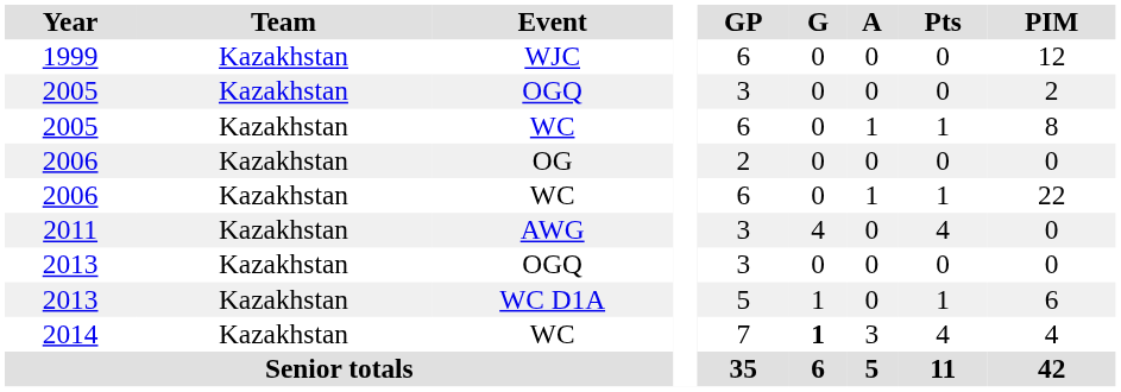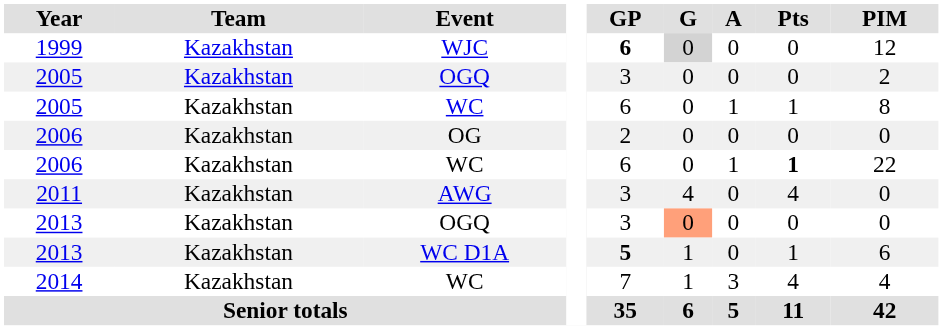 <table border="0" cellpadding="1" cellspacing="0" style="text-align:center; width:40em">
 <tr ALIGN="center" bgcolor="#e0e0e0">
 <th>Year</th>
 <th>Team</th>
 <th>Event</th>
 <th ALIGN="center" rowspan="99" bgcolor="#ffffff"> </th>
 <th>GP</th>
 <th>G</th>
 <th>A</th>
 <th>Pts</th>
 <th>PIM</th>
 </tr>
 <tr>
 <td><a href='#'>1999</a></td>
 <td><a href='#'>Kazakhstan</a></td>
 <td><a href='#'>WJC</a></td>
-<td>6</td>
-<td>0</td>
+<td><strong>6</strong></td>
+<td style="background: lightgrey;">0</td>
 <td>0</td>
 <td>0</td>
 <td>12</td>
 </tr>
 <tr bgcolor="#f0f0f0">
 <td><a href='#'>2005</a></td>
 <td><a href='#'>Kazakhstan</a></td>
 <td><a href='#'>OGQ</a></td>
 <td>3</td>
 <td>0</td>
 <td>0</td>
 <td>0</td>
 <td>2</td>
 </tr>
 <tr>
 <td><a href='#'>2005</a></td>
 <td>Kazakhstan</td>
 <td><a href='#'>WC</a></td>
 <td>6</td>
 <td>0</td>
 <td>1</td>
 <td>1</td>
 <td>8</td>
 </tr>
 <tr bgcolor="#f0f0f0">
 <td><a href='#'>2006</a></td>
 <td>Kazakhstan</td>
 <td>OG</td>
 <td>2</td>
 <td>0</td>
 <td>0</td>
 <td>0</td>
 <td>0</td>
 </tr>
 <tr>
 <td><a href='#'>2006</a></td>
 <td>Kazakhstan</td>
 <td>WC</td>
 <td>6</td>
 <td>0</td>
 <td>1</td>
-<td>1</td>
+<td><strong>1</strong></td>
 <td>22</td>
 </tr>
 <tr bgcolor="#f0f0f0">
 <td><a href='#'>2011</a></td>
 <td>Kazakhstan</td>
 <td><a href='#'>AWG</a></td>
 <td>3</td>
 <td>4</td>
 <td>0</td>
 <td>4</td>
 <td>0</td>
 </tr>
 <tr>
 <td><a href='#'>2013</a></td>
 <td>Kazakhstan</td>
 <td>OGQ</td>
 <td>3</td>
-<td>0</td>
+<td style="background: lightsalmon;">0</td>
 <td>0</td>
 <td>0</td>
 <td>0</td>
 </tr>
 <tr bgcolor="#f0f0f0">
 <td><a href='#'>2013</a></td>
 <td>Kazakhstan</td>
 <td><a href='#'>WC D1A</a></td>
-<td>5</td>
+<td><strong>5</strong></td>
 <td>1</td>
 <td>0</td>
 <td>1</td>
 <td>6</td>
 </tr>
 <tr>
 <td><a href='#'>2014</a></td>
 <td>Kazakhstan</td>
 <td>WC</td>
 <td>7</td>
-<td><strong>1</strong></td>
+<td>1</td>
 <td>3</td>
 <td>4</td>
 <td>4</td>
 </tr>
 <tr bgcolor="#e0e0e0">
 <th colspan="3">Senior totals</th>
 <th>35</th>
 <th>6</th>
 <th>5</th>
 <th>11</th>
 <th>42</th>
 </tr>
 </table>
